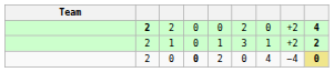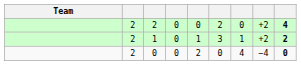 <table class="wikitable" style="text-align: center; font-size:90% ">
 <tr>
 <th width=160>Team</th>
 <th width=25></th>
 <th width=25></th>
 <th width=25></th>
 <th width=25></th>
 <th width=25></th>
 <th width=25></th>
 <th width=25></th>
 <th width=25></th>
 </tr>
 <tr bgcolor=ccffcc>
 <td align=left></td>
-<td><strong>2</strong></td>
+<td>2</td>
 <td>2</td>
 <td>0</td>
 <td>0</td>
 <td>2</td>
 <td>0</td>
 <td>+2</td>
 <td><strong>4</strong></td>
 </tr>
 <tr bgcolor=ccffcc>
 <td align=left></td>
 <td>2</td>
 <td>1</td>
 <td>0</td>
 <td>1</td>
 <td>3</td>
 <td>1</td>
 <td>+2</td>
 <td><strong>2</strong></td>
 </tr>
 <tr>
 <td align=left></td>
 <td>2</td>
 <td>0</td>
-<td><strong>0</strong></td>
+<td>0</td>
 <td>2</td>
 <td>0</td>
 <td>4</td>
 <td>−4</td>
-<td style="background: khaki;"><strong>0</strong></td>
+<td><strong>0</strong></td>
 </tr>
 </table>
